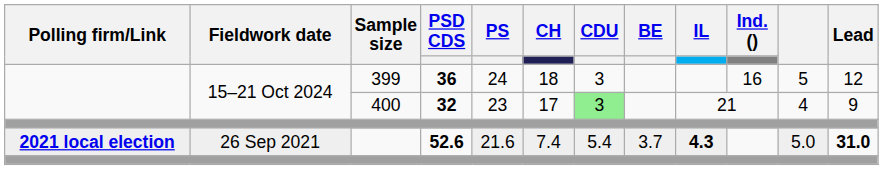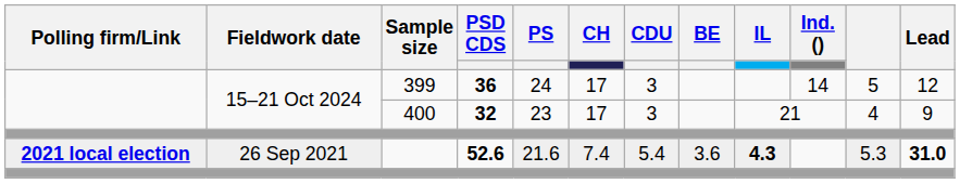 <table class="wikitable sortable mw-datatable" style="text-align:center;font-size:90%;line-height:16px;">
 <tr style="height:42px;">
 <th style="width:145px;" rowspan="2">Polling firm/Link</th>
 <th style="width:125px;" rowspan="2">Fieldwork date</th>
 <th class="unsortable" style="width:50px;" rowspan="2">Sample size</th>
 <th class="unsortable" style="width:35px;"><a href='#'>PSD</a><br><a href='#'>CDS</a></th>
 <th class="unsortable" style="width:35px;"><a href='#'>PS</a></th>
 <th class="unsortable" style="width:35px;"><a href='#'>CH</a></th>
 <th class="unsortable" style="width:35px;"><a href='#'>CDU</a></th>
 <th class="unsortable" style="width:35px;"><a href='#'>BE</a></th>
 <th class="unsortable" style="width:35px;"><a href='#'>IL</a></th>
 <th class="unsortable" style="width:35px;"><a href='#'>Ind.</a> ()</th>
 <th class="unsortable" style="width:35px;" rowspan="2"></th>
 <th class="unsortable" style="width:30px;" rowspan="2">Lead</th>
 </tr>
 <tr>
 <th class="unsortable" style="color:inherit;background:"></th>
 <th class="unsortable" style="color:inherit;background:"></th>
 <th class="unsortable" style="color:inherit;background:#202056;"></th>
 <th class="unsortable" style="color:inherit;background:"></th>
 <th class="unsortable" style="color:inherit;background:"></th>
 <th class="unsortable" style="color:inherit;background:#00ADEF;"></th>
 <th class="unsortable" style="color:inherit;background:gray;"></th>
 </tr>
 <tr>
 <td rowspan="2" align="center"></td>
 <td rowspan="2" align="center">15–21 Oct 2024</td>
 <td>399</td>
 <td><strong>36</strong></td>
 <td align="center">24</td>
-<td align="center">18</td>
+<td align="center">17</td>
 <td align="center">3</td>
 <td></td>
 <td></td>
-<td align="center">16</td>
+<td align="center">14</td>
 <td align="center">5</td>
 <td style="background:">12</td>
 </tr>
 <tr>
 <td>400</td>
 <td><strong>32</strong></td>
 <td align="center">23</td>
 <td align="center">17</td>
-<td align="center" style="background: lightgreen;">3</td>
+<td align="center">3</td>
 <td></td>
 <td colspan="2" align="center">21</td>
 <td align="center">4</td>
 <td style="background:">9</td>
 </tr>
 <tr>
 <td colspan="16" style="background:#A0A0A0"></td>
 </tr>
 <tr>
 <td style="background:#EFEFEF;"><strong><a href='#'>2021 local election</a></strong></td>
 <td style="background:#EFEFEF;" data-sort-value="2019-10-06">26 Sep 2021</td>
 <td></td>
 <td><strong>52.6</strong><br></td>
 <td style="background:#EFEFEF;">21.6<br></td>
 <td style="background:#EFEFEF;">7.4<br></td>
 <td style="background:#EFEFEF;">5.4<br></td>
-<td style="background:#EFEFEF;">3.7<br></td>
+<td style="background:#EFEFEF;">3.6<br></td>
 <td style="background:#EFEFEF;"><strong>4.3<br></strong></td>
 <td></td>
-<td style="background:#EFEFEF;">5.0</td>
+<td style="background:#EFEFEF;">5.3</td>
 <td style="background:"><strong>31.0</strong></td>
 </tr>
 <tr>
 <td colspan="16" style="background:#A0A0A0"></td>
 </tr>
 </table>
